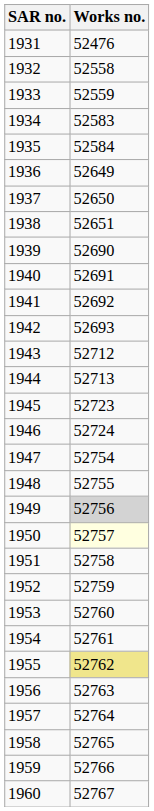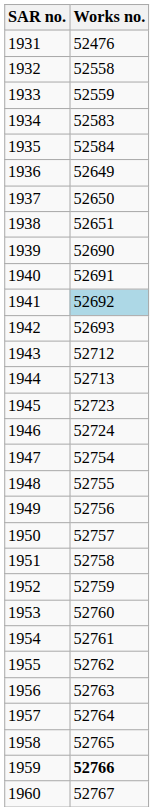 <table class="wikitable collapsible collapsed sortable" style="margin:0.5em auto; font-size:100%;">
 <tr>
 <th>SAR no.</th>
 <th>Works no.</th>
 </tr>
 <tr>
 <td>1931</td>
 <td>52476</td>
 </tr>
 <tr>
 <td>1932</td>
 <td>52558</td>
 </tr>
 <tr>
 <td>1933</td>
 <td>52559</td>
 </tr>
 <tr>
 <td>1934</td>
 <td>52583</td>
 </tr>
 <tr>
 <td>1935</td>
 <td>52584</td>
 </tr>
 <tr>
 <td>1936</td>
 <td>52649</td>
 </tr>
 <tr>
 <td>1937</td>
 <td>52650</td>
 </tr>
 <tr>
 <td>1938</td>
 <td>52651</td>
 </tr>
 <tr>
 <td>1939</td>
 <td>52690</td>
 </tr>
 <tr>
 <td>1940</td>
 <td>52691</td>
 </tr>
 <tr>
 <td>1941</td>
-<td>52692</td>
+<td style="background: lightblue;">52692</td>
 </tr>
 <tr>
 <td>1942</td>
 <td>52693</td>
 </tr>
 <tr>
 <td>1943</td>
 <td>52712</td>
 </tr>
 <tr>
 <td>1944</td>
 <td>52713</td>
 </tr>
 <tr>
 <td>1945</td>
 <td>52723</td>
 </tr>
 <tr>
 <td>1946</td>
 <td>52724</td>
 </tr>
 <tr>
 <td>1947</td>
 <td>52754</td>
 </tr>
 <tr>
 <td>1948</td>
 <td>52755</td>
 </tr>
 <tr>
 <td>1949</td>
-<td style="background: lightgrey;">52756</td>
+<td>52756</td>
 </tr>
 <tr>
 <td>1950</td>
-<td style="background: lightyellow;">52757</td>
+<td>52757</td>
 </tr>
 <tr>
 <td>1951</td>
 <td>52758</td>
 </tr>
 <tr>
 <td>1952</td>
 <td>52759</td>
 </tr>
 <tr>
 <td>1953</td>
 <td>52760</td>
 </tr>
 <tr>
 <td>1954</td>
 <td>52761</td>
 </tr>
 <tr>
 <td>1955</td>
-<td style="background: khaki;">52762</td>
+<td>52762</td>
 </tr>
 <tr>
 <td>1956</td>
 <td>52763</td>
 </tr>
 <tr>
 <td>1957</td>
 <td>52764</td>
 </tr>
 <tr>
 <td>1958</td>
 <td>52765</td>
 </tr>
 <tr>
 <td>1959</td>
-<td>52766</td>
+<td><strong>52766</strong></td>
 </tr>
 <tr>
 <td>1960</td>
 <td>52767</td>
 </tr>
 <tr>
 </tr>
 </table>
